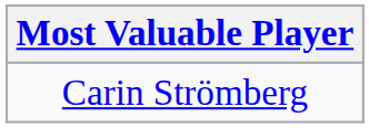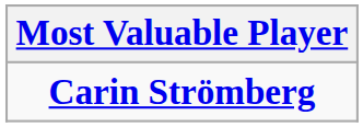 <table class=wikitable style="text-align:center; margin:auto">
 <tr>
 <th><a href='#'>Most Valuable Player</a></th>
 </tr>
 <tr>
-<td> <a href='#'>Carin Strömberg</a></td>
+<td><strong> <a href='#'>Carin Strömberg</a></strong></td>
 </tr>
 </table>
